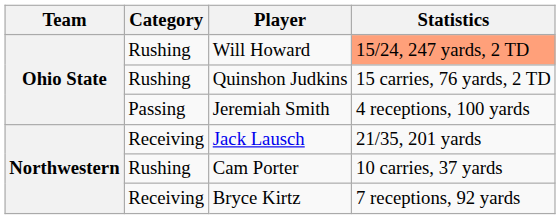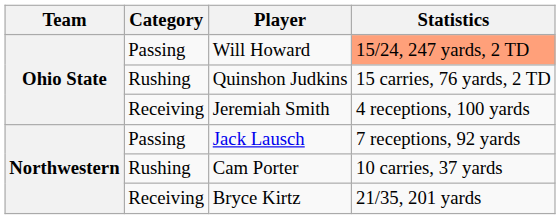 <table class="wikitable" style="float:right">
 <tr>
 <th>Team</th>
 <th>Category</th>
 <th>Player</th>
 <th>Statistics</th>
 </tr>
 <tr>
 <th rowspan=3>Ohio State</th>
-<td>Rushing</td>
+<td>Passing</td>
 <td>Will Howard</td>
 <td style="background: lightsalmon;">15/24, 247 yards, 2 TD</td>
 </tr>
 <tr>
 <td>Rushing</td>
 <td>Quinshon Judkins</td>
 <td>15 carries, 76 yards, 2 TD</td>
 </tr>
 <tr>
-<td>Passing</td>
+<td>Receiving</td>
 <td>Jeremiah Smith</td>
 <td>4 receptions, 100 yards</td>
 </tr>
 <tr>
 <th rowspan=3>Northwestern</th>
-<td>Receiving</td>
+<td>Passing</td>
 <td><a href='#'>Jack Lausch</a></td>
-<td>21/35, 201 yards</td>
+<td>7 receptions, 92 yards</td>
 </tr>
 <tr>
 <td>Rushing</td>
 <td>Cam Porter</td>
 <td>10 carries, 37 yards</td>
 </tr>
 <tr>
 <td>Receiving</td>
 <td>Bryce Kirtz</td>
-<td>7 receptions, 92 yards</td>
+<td>21/35, 201 yards</td>
 </tr>
 </table>
